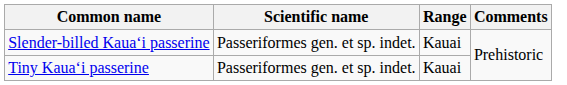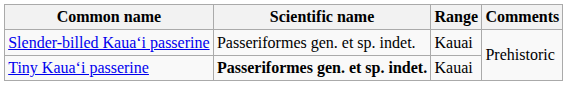 <table class="wikitable">
 <tr>
 <th>Common name</th>
 <th>Scientific name</th>
 <th>Range</th>
 <th class="unsortable">Comments</th>
 </tr>
 <tr>
 <td><a href='#'>Slender-billed Kauaʻi passerine</a></td>
 <td>Passeriformes gen. et sp. indet.</td>
 <td>Kauai</td>
 <td rowspan="2">Prehistoric</td>
 </tr>
 <tr>
 <td><a href='#'>Tiny Kauaʻi passerine</a></td>
-<td>Passeriformes gen. et sp. indet.</td>
+<td><strong>Passeriformes gen. et sp. indet.</strong></td>
 <td>Kauai</td>
 </tr>
 </table>
